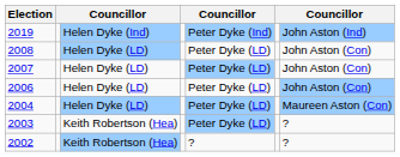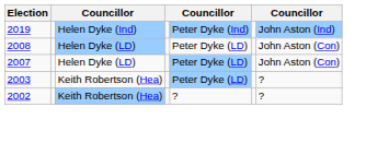 <table class="wikitable">
 <tr>
 <th>Election</th>
 <th colspan="2">Councillor</th>
 <th colspan="2">Councillor</th>
 <th colspan="2">Councillor</th>
 </tr>
 <tr>
 <td><a href='#'>2019</a></td>
 <td style="background-color: "></td>
 <td bgcolor="#99CCFF">Helen Dyke (<a href='#'>Ind</a>)</td>
 <td style="background-color: "></td>
 <td bgcolor="#99CCFF">Peter Dyke (<a href='#'>Ind</a>)</td>
 <td style="background-color: "></td>
 <td bgcolor="#99CCFF">John Aston (<a href='#'>Ind</a>)</td>
 </tr>
 <tr>
 <td><a href='#'>2008</a></td>
 <td style="background-color: "></td>
 <td bgcolor="#99CCFF">Helen Dyke (<a href='#'>LD</a>)</td>
 <td style="background-color: "></td>
 <td>Peter Dyke (<a href='#'>LD</a>)</td>
 <td style="background-color: "></td>
 <td>John Aston (<a href='#'>Con</a>)</td>
 </tr>
 <tr>
 <td><a href='#'>2007</a></td>
 <td style="background-color: "></td>
 <td>Helen Dyke (<a href='#'>LD</a>)</td>
 <td style="background-color: "></td>
 <td bgcolor="#99CCFF">Peter Dyke (<a href='#'>LD</a>)</td>
 <td style="background-color: "></td>
 <td>John Aston (<a href='#'>Con</a>)</td>
 </tr>
 <tr>
-<td><a href='#'>2006</a></td>
-<td style="background-color: "></td>
-<td>Helen Dyke (<a href='#'>LD</a>)</td>
-<td style="background-color: "></td>
-<td>Peter Dyke (<a href='#'>LD</a>)</td>
-<td style="background-color: "></td>
-<td bgcolor="#99CCFF">John Aston (<a href='#'>Con</a>)</td>
-</tr>
-<tr>
-<td><a href='#'>2004</a></td>
-<td style="background-color: "></td>
-<td bgcolor="#99CCFF">Helen Dyke (<a href='#'>LD</a>)</td>
-<td style="background-color: "></td>
-<td bgcolor="#99CCFF">Peter Dyke (<a href='#'>LD</a>)</td>
-<td style="background-color: "></td>
-<td bgcolor="#99CCFF">Maureen Aston (<a href='#'>Con</a>)</td>
-</tr>
-<tr>
 <td><a href='#'>2003</a></td>
 <td style="background-color: "></td>
 <td>Keith Robertson (<a href='#'>Hea</a>)</td>
 <td style="background-color: "></td>
 <td bgcolor="#99CCFF">Peter Dyke (<a href='#'>LD</a>)</td>
 <td></td>
 <td>?</td>
 </tr>
 <tr>
 <td><a href='#'>2002</a></td>
 <td style="background-color: "></td>
 <td bgcolor="#99CCFF">Keith Robertson (<a href='#'>Hea</a>)</td>
 <td></td>
 <td>?</td>
 <td></td>
 <td>?</td>
 </tr>
 </table>
